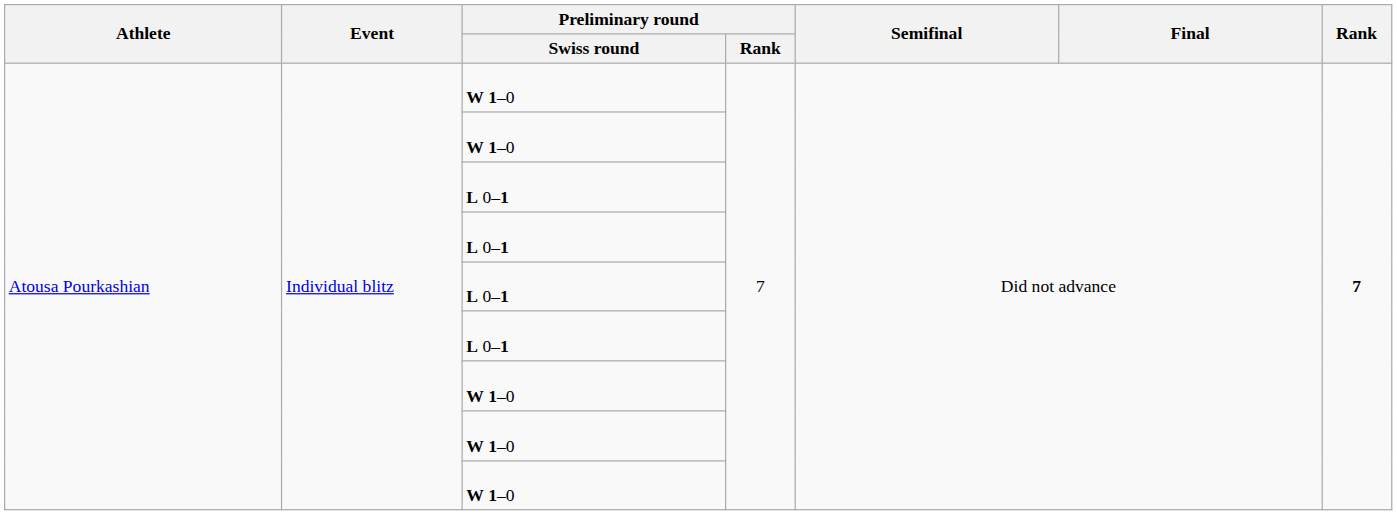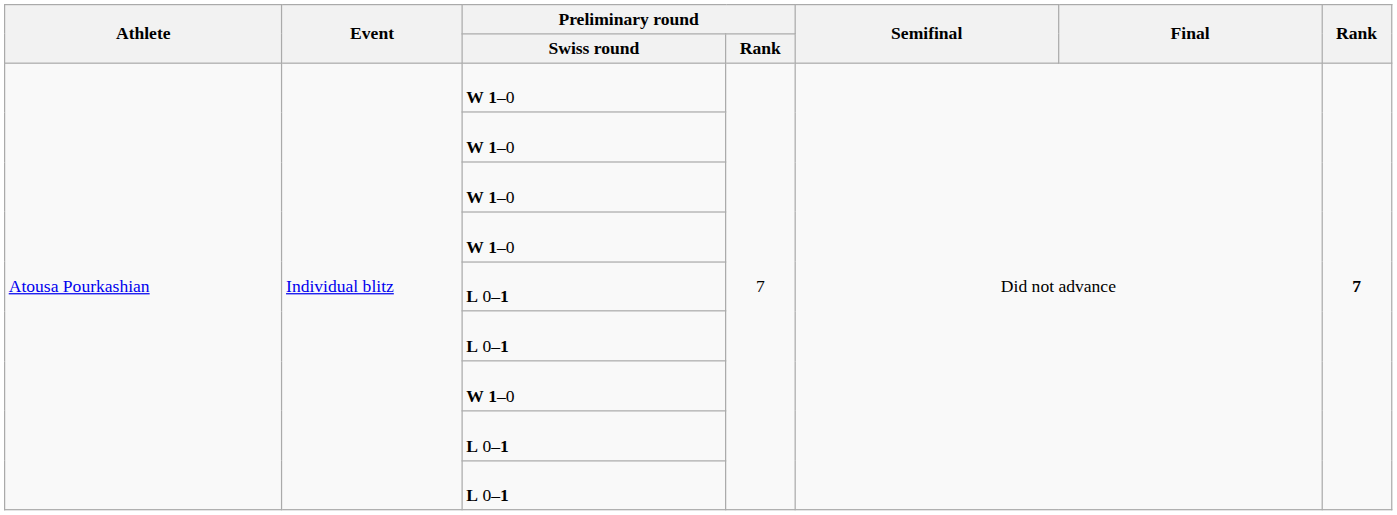 <table class="wikitable" width="90%" style="text-align:left; font-size:90%">
 <tr>
 <th rowspan="2" width="20%">Athlete</th>
 <th rowspan="2" width="13%">Event</th>
 <th colspan="2">Preliminary round</th>
 <th rowspan="2" width="19%">Semifinal</th>
 <th rowspan="2" width="19%">Final</th>
 <th rowspan="2" width="5%">Rank</th>
 </tr>
 <tr>
 <th width="19%">Swiss round</th>
 <th width="5%">Rank</th>
 </tr>
 <tr>
 <td rowspan="9"><a href='#'>Atousa Pourkashian</a></td>
 <td rowspan="9"><a href='#'>Individual blitz</a></td>
 <td><br><strong>W</strong> <strong>1</strong>–0</td>
 <td rowspan="9" align=center>7</td>
 <td rowspan="9" colspan=2 align=center>Did not advance</td>
 <td rowspan="9" align="center"><strong>7</strong></td>
 </tr>
 <tr>
 <td><br><strong>W</strong> <strong>1</strong>–0</td>
 </tr>
 <tr>
-<td><br><strong>L</strong> 0–<strong>1</strong></td>
+<td><br><strong>W</strong> <strong>1</strong>–0</td>
 </tr>
 <tr>
-<td><br><strong>L</strong> 0–<strong>1</strong></td>
+<td><br><strong>W</strong> <strong>1</strong>–0</td>
 </tr>
 <tr>
 <td><br><strong>L</strong> 0–<strong>1</strong></td>
 </tr>
 <tr>
 <td><br><strong>L</strong> 0–<strong>1</strong></td>
 </tr>
 <tr>
 <td><br><strong>W</strong> <strong>1</strong>–0</td>
 </tr>
 <tr>
-<td><br><strong>W</strong> <strong>1</strong>–0</td>
+<td><br><strong>L</strong> 0–<strong>1</strong></td>
 </tr>
 <tr>
-<td><br><strong>W</strong> <strong>1</strong>–0</td>
+<td><br><strong>L</strong> 0–<strong>1</strong></td>
 </tr>
 </table>
